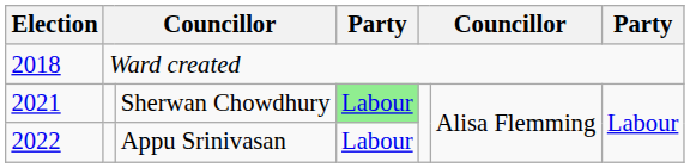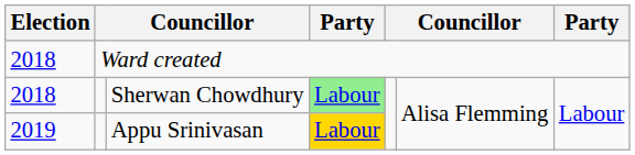 <table class="wikitable">
 <tr>
 <th>Election</th>
 <th colspan="2">Councillor</th>
 <th>Party</th>
 <th colspan="2">Councillor</th>
 <th>Party</th>
 </tr>
 <tr>
 <td><a href='#'>2018</a></td>
 <td colspan="12"><em>Ward created</em></td>
 </tr>
 <tr>
-<td><a href='#'>2021</a></td>
+<td><a href='#'>2018</a></td>
 <td style="background-color: "></td>
 <td>Sherwan Chowdhury</td>
 <td style="background: lightgreen;"><a href='#'>Labour</a></td>
 <td rowspan="2" style="background-color: "></td>
 <td rowspan="2">Alisa Flemming</td>
 <td rowspan="2"><a href='#'>Labour</a></td>
 </tr>
 <tr>
-<td><a href='#'>2022</a></td>
+<td><a href='#'>2019</a></td>
 <td style="background-color: "></td>
 <td>Appu Srinivasan</td>
-<td><a href='#'>Labour</a></td>
+<td style="background: gold;"><a href='#'>Labour</a></td>
 </tr>
 </table>
